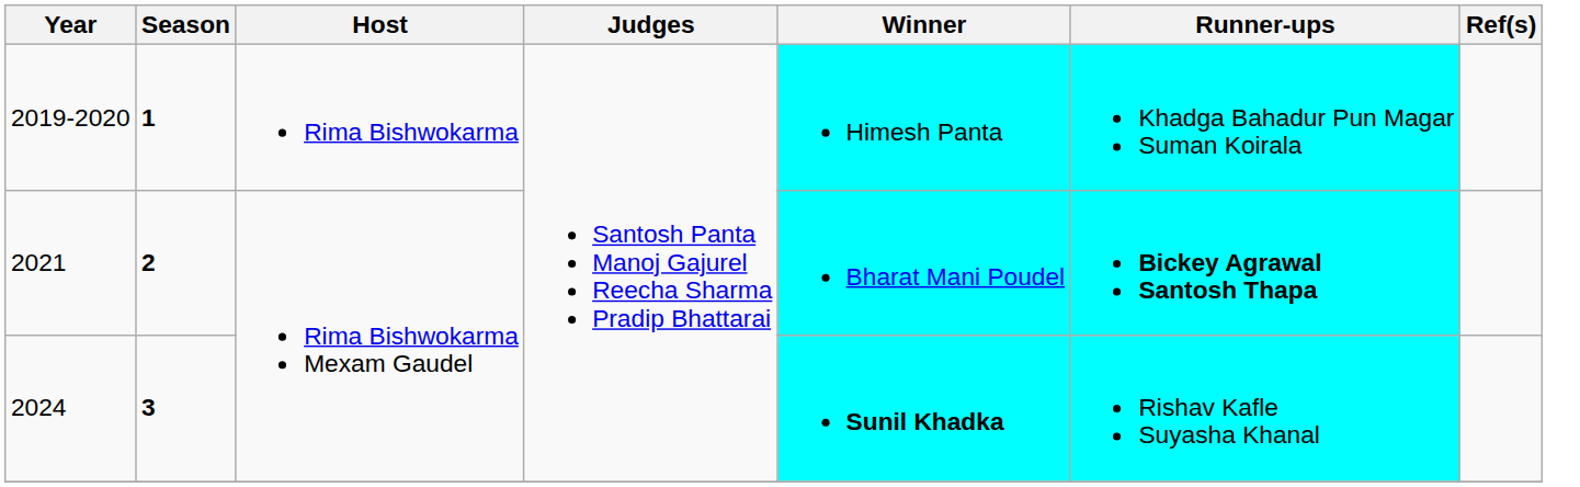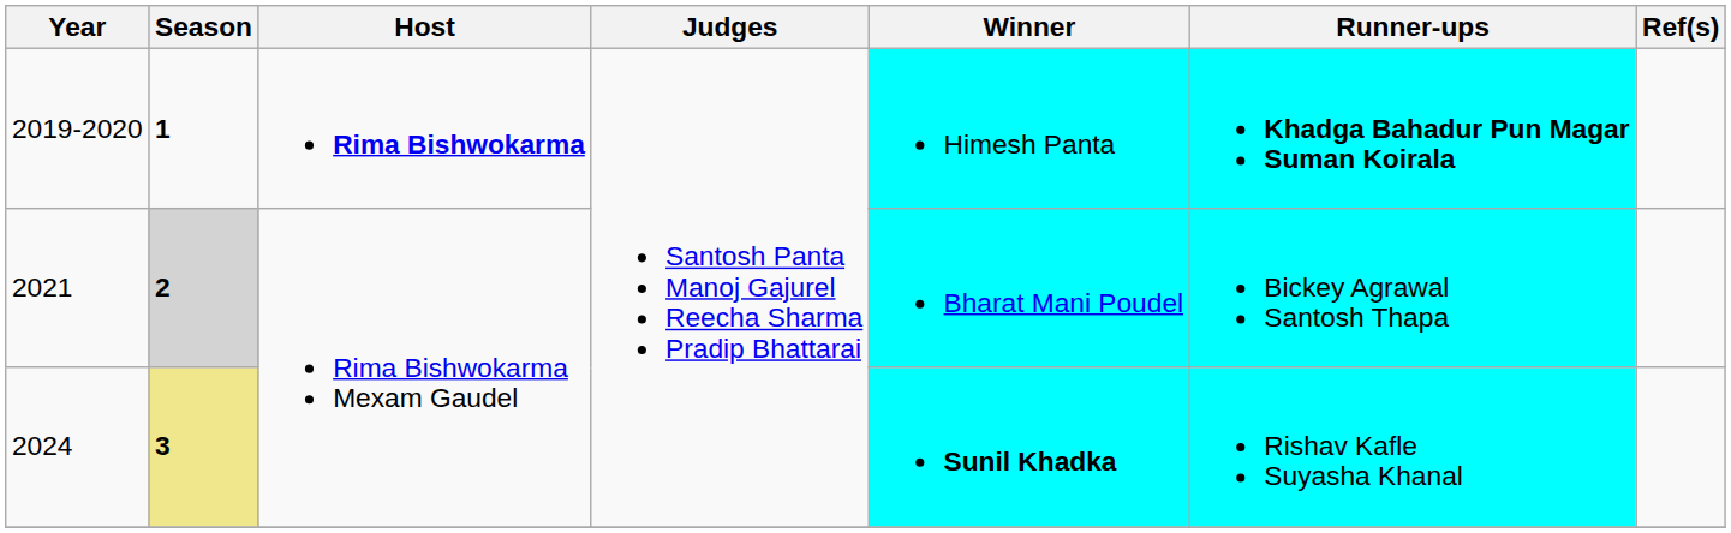 <table class="wikitable sortable">
 <tr>
 <th>Year</th>
 <th>Season</th>
 <th>Host</th>
 <th>Judges</th>
 <th>Winner</th>
 <th>Runner-ups</th>
 <th class="unsortable">Ref(s)</th>
 </tr>
 <tr>
 <td>2019-2020</td>
 <td><strong>1</strong></td>
-<td><br><ul><li><a href='#'>Rima Bishwokarma</a></li></ul></td>
+<td><strong><br><ul><li><a href='#'>Rima Bishwokarma</a></li></ul></strong></td>
 <td rowspan="3"><br><ul><li><a href='#'>Santosh Panta</a></li><li><a href='#'>Manoj Gajurel</a></li><li><a href='#'>Reecha Sharma</a></li><li><a href='#'>Pradip Bhattarai</a></li></ul></td>
 <td bgcolor=cyan><br><ul><li>Himesh Panta</li></ul></td>
-<td bgcolor=cyan><br><ul><li>Khadga Bahadur Pun Magar</li><li>Suman Koirala</li></ul></td>
+<td bgcolor=cyan><strong><br><ul><li>Khadga Bahadur Pun Magar</li><li>Suman Koirala</li></ul></strong></td>
 <td></td>
 </tr>
 <tr>
 <td>2021</td>
-<td><strong>2</strong></td>
+<td style="background: lightgrey;"><strong>2</strong></td>
 <td rowspan="2"><br><ul><li><a href='#'>Rima Bishwokarma</a></li><li>Mexam Gaudel</li></ul></td>
 <td bgcolor=cyan><br><ul><li><a href='#'>Bharat Mani Poudel</a></li></ul></td>
-<td bgcolor=cyan><strong><br><ul><li>Bickey Agrawal</li><li>Santosh Thapa</li></ul></strong></td>
+<td bgcolor=cyan><br><ul><li>Bickey Agrawal</li><li>Santosh Thapa</li></ul></td>
 <td></td>
 </tr>
 <tr>
 <td>2024</td>
-<td><strong>3</strong></td>
+<td style="background: khaki;"><strong>3</strong></td>
 <td bgcolor=cyan><strong><br><ul><li>Sunil Khadka</li></ul></strong></td>
 <td bgcolor=cyan><br><ul><li>Rishav Kafle</li><li>Suyasha Khanal</li></ul></td>
 <td></td>
 </tr>
 <tr –>
 </tr>
 </table>
